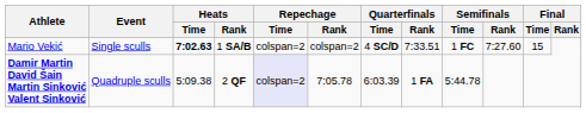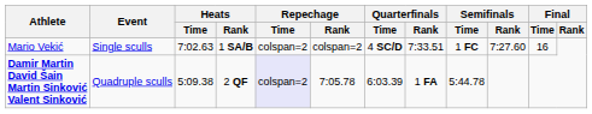 <table class="wikitable" style="font-size:90%">
 <tr>
 <th rowspan="2">Athlete</th>
 <th rowspan="2">Event</th>
 <th colspan="2">Heats</th>
 <th colspan="2">Repechage</th>
 <th colspan=2>Quarterfinals</th>
 <th colspan="2">Semifinals</th>
 <th colspan="2">Final</th>
 </tr>
 <tr style="font-size:95%">
 <th>Time</th>
 <th>Rank</th>
 <th>Time</th>
 <th>Rank</th>
 <th>Time</th>
 <th>Rank</th>
 <th>Time</th>
 <th>Rank</th>
 <th>Time</th>
 <th>Rank</th>
 </tr>
 <tr align=center>
 <td align=left><a href='#'>Mario Vekić</a></td>
 <td align=left><a href='#'>Single sculls</a></td>
-<td><strong>7:02.63</strong></td>
+<td>7:02.63</td>
 <td>1 <strong>SA/B</strong></td>
 <td>colspan=2 </td>
 <td>colspan=2 </td>
 <td>4 <strong>SC/D</strong></td>
 <td>7:33.51</td>
 <td>1 <strong>FC</strong></td>
 <td>7:27.60</td>
-<td>15</td>
+<td>16</td>
 </tr>
 <tr align=center>
 <td align=left><strong><a href='#'>Damir Martin</a><br><a href='#'>David Šain</a><br><a href='#'>Martin Sinković</a><br><a href='#'>Valent Sinković</a></strong></td>
 <td align=left><a href='#'>Quadruple sculls</a></td>
 <td>5:09.38</td>
 <td>2 <strong>QF</strong></td>
 <td style="background: lavender;">colspan=2 </td>
 <td>7:05.78</td>
 <td>6:03.39</td>
 <td>1 <strong>FA</strong></td>
 <td>5:44.78</td>
 <td></td>
 </tr>
 </table>
